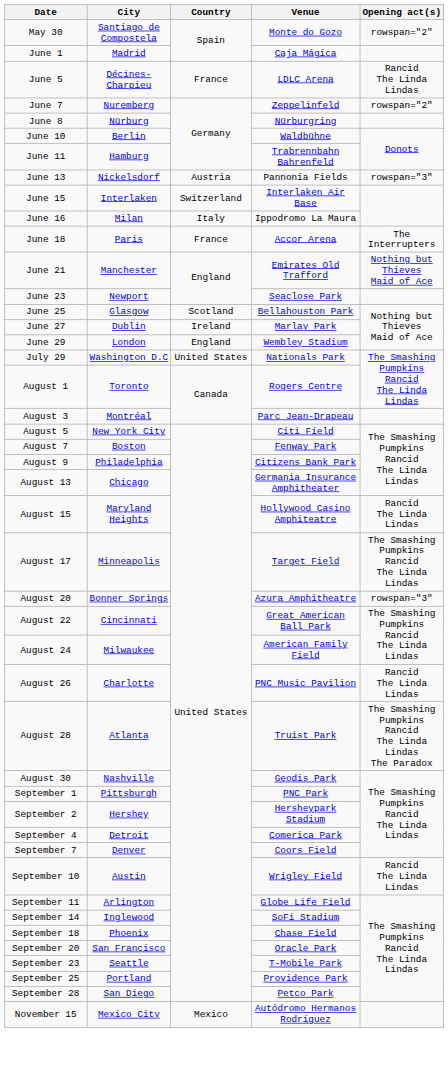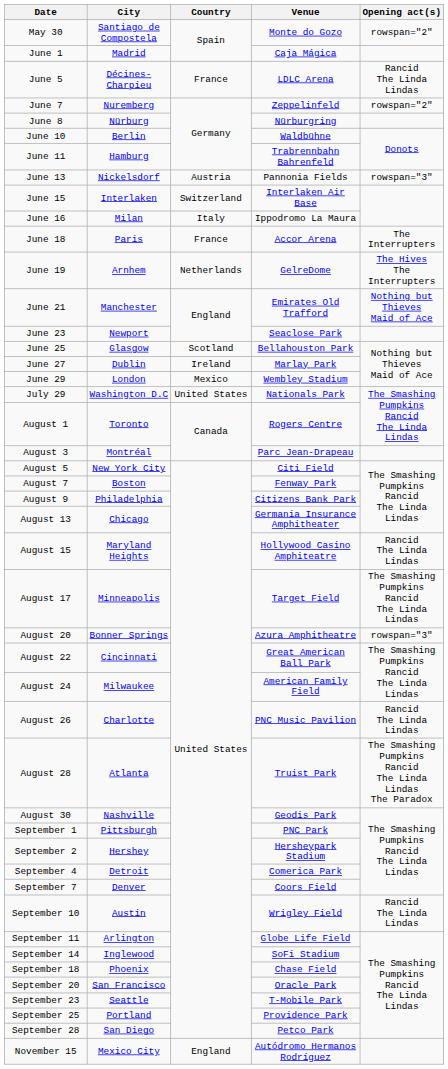 <table class="wikitable" style="text-align:center;">
 <tr>
 <th scope="col" style="width:12em;">Date</th>
 <th scope="col" style="width:10em;">City</th>
 <th scope="col" style="width:10em;">Country</th>
 <th scope="col" style="width:16em;">Venue</th>
 <th scope="col" style="width:10em;">Opening act(s)</th>
 </tr>
 <tr>
 <td>May 30</td>
 <td><a href='#'>Santiago de Compostela</a></td>
 <td rowspan="2">Spain</td>
 <td><a href='#'>Monte do Gozo</a></td>
 <td>rowspan="2" </td>
 </tr>
 <tr>
 <td>June 1</td>
 <td><a href='#'>Madrid</a></td>
 <td><a href='#'>Caja Mágica</a></td>
 </tr>
 <tr>
 <td>June 5</td>
 <td><a href='#'>Décines-Charpieu</a></td>
 <td>France</td>
 <td><a href='#'>LDLC Arena</a></td>
 <td>Rancid<br>The Linda Lindas</td>
 </tr>
 <tr>
 <td>June 7</td>
 <td><a href='#'>Nuremberg</a></td>
 <td rowspan="4">Germany</td>
 <td><a href='#'>Zeppelinfeld</a></td>
 <td>rowspan="2" </td>
 </tr>
 <tr>
 <td>June 8</td>
 <td><a href='#'>Nürburg</a></td>
 <td><a href='#'>Nürburgring</a></td>
 </tr>
 <tr>
 <td>June 10</td>
 <td><a href='#'>Berlin</a></td>
 <td><a href='#'>Waldbühne</a></td>
 <td rowspan="2"><a href='#'>Donots</a></td>
 </tr>
 <tr>
 <td>June 11</td>
 <td><a href='#'>Hamburg</a></td>
 <td><a href='#'>Trabrennbahn Bahrenfeld</a></td>
 </tr>
 <tr>
 <td>June 13</td>
 <td><a href='#'>Nickelsdorf</a></td>
 <td>Austria</td>
 <td>Pannonia Fields</td>
 <td>rowspan="3" </td>
 </tr>
 <tr>
 <td>June 15</td>
 <td><a href='#'>Interlaken</a></td>
 <td>Switzerland</td>
 <td><a href='#'>Interlaken Air Base</a></td>
 </tr>
 <tr>
 <td>June 16</td>
 <td><a href='#'>Milan</a></td>
 <td>Italy</td>
 <td>Ippodromo La Maura</td>
 </tr>
 <tr>
 <td>June 18</td>
 <td><a href='#'>Paris</a></td>
 <td>France</td>
 <td><a href='#'>Accor Arena</a></td>
 <td>The Interrupters</td>
 </tr>
 <tr>
+<td>June 19</td>
+<td><a href='#'>Arnhem</a></td>
+<td>Netherlands</td>
+<td><a href='#'>GelreDome</a></td>
+<td><a href='#'>The Hives</a><br>The Interrupters</td>
+</tr>
+<tr>
 <td>June 21</td>
 <td><a href='#'>Manchester</a></td>
 <td rowspan="2">England</td>
 <td><a href='#'>Emirates Old Trafford</a></td>
 <td><a href='#'>Nothing but Thieves</a><br><a href='#'>Maid of Ace</a></td>
 </tr>
 <tr>
 <td>June 23</td>
 <td><a href='#'>Newport</a></td>
 <td><a href='#'>Seaclose Park</a></td>
 <td></td>
 </tr>
 <tr>
 <td>June 25</td>
 <td><a href='#'>Glasgow</a></td>
 <td>Scotland</td>
 <td><a href='#'>Bellahouston Park</a></td>
 <td rowspan="3">Nothing but Thieves<br>Maid of Ace</td>
 </tr>
 <tr>
 <td>June 27</td>
 <td><a href='#'>Dublin</a></td>
 <td>Ireland</td>
 <td><a href='#'>Marlay Park</a></td>
 </tr>
 <tr>
 <td>June 29</td>
 <td><a href='#'>London</a></td>
-<td>England</td>
+<td>Mexico</td>
 <td><a href='#'>Wembley Stadium</a></td>
 </tr>
 <tr>
 <td>July 29</td>
 <td><a href='#'>Washington D.C</a></td>
 <td>United States</td>
 <td><a href='#'>Nationals Park</a></td>
 <td rowspan="2"><a href='#'>The Smashing Pumpkins</a><br><a href='#'>Rancid</a><br><a href='#'>The Linda Lindas</a></td>
 </tr>
 <tr>
 <td>August 1</td>
 <td><a href='#'>Toronto</a></td>
 <td rowspan="2">Canada</td>
 <td><a href='#'>Rogers Centre</a></td>
 </tr>
 <tr>
 <td>August 3</td>
 <td><a href='#'>Montréal</a></td>
 <td><a href='#'>Parc Jean-Drapeau</a></td>
 <td></td>
 </tr>
 <tr>
 <td>August 5</td>
 <td><a href='#'>New York City</a></td>
 <td rowspan="24">United States</td>
 <td><a href='#'>Citi Field</a></td>
 <td rowspan="4">The Smashing Pumpkins<br>Rancid<br>The Linda Lindas</td>
 </tr>
 <tr>
 <td>August 7</td>
 <td><a href='#'>Boston</a></td>
 <td><a href='#'>Fenway Park</a></td>
 </tr>
 <tr>
 <td>August 9</td>
 <td><a href='#'>Philadelphia</a></td>
 <td><a href='#'>Citizens Bank Park</a></td>
 </tr>
 <tr>
 <td>August 13</td>
 <td><a href='#'>Chicago</a></td>
 <td><a href='#'>Germania Insurance Amphitheater</a></td>
 </tr>
 <tr>
 <td>August 15</td>
 <td><a href='#'>Maryland Heights</a></td>
 <td><a href='#'>Hollywood Casino Amphiteatre</a></td>
 <td>Rancid<br>The Linda Lindas</td>
 </tr>
 <tr>
 <td>August 17</td>
 <td><a href='#'>Minneapolis</a></td>
 <td><a href='#'>Target Field</a></td>
 <td>The Smashing Pumpkins<br>Rancid<br>The Linda Lindas</td>
 </tr>
 <tr>
 <td>August 20</td>
 <td><a href='#'>Bonner Springs</a></td>
 <td><a href='#'>Azura Amphitheatre</a></td>
 <td>rowspan="3" </td>
 </tr>
 <tr>
 <td>August 22</td>
 <td><a href='#'>Cincinnati</a></td>
 <td><a href='#'>Great American Ball Park</a></td>
 <td rowspan="2">The Smashing Pumpkins<br>Rancid<br>The Linda Lindas</td>
 </tr>
 <tr>
 <td>August 24</td>
 <td><a href='#'>Milwaukee</a></td>
 <td><a href='#'>American Family Field</a></td>
 </tr>
 <tr>
 <td>August 26</td>
 <td><a href='#'>Charlotte</a></td>
 <td><a href='#'>PNC Music Pavilion</a></td>
 <td>Rancid<br>The Linda Lindas</td>
 </tr>
 <tr>
 <td>August 28</td>
 <td><a href='#'>Atlanta</a></td>
 <td><a href='#'>Truist Park</a></td>
 <td>The Smashing Pumpkins<br>Rancid<br>The Linda Lindas<br>The Paradox</td>
 </tr>
 <tr>
 <td>August 30</td>
 <td><a href='#'>Nashville</a></td>
 <td><a href='#'>Geodis Park</a></td>
 <td rowspan="5">The Smashing Pumpkins<br>Rancid<br>The Linda Lindas</td>
 </tr>
 <tr>
 <td>September 1</td>
 <td><a href='#'>Pittsburgh</a></td>
 <td><a href='#'>PNC Park</a></td>
 </tr>
 <tr>
 <td>September 2</td>
 <td><a href='#'>Hershey</a></td>
 <td><a href='#'>Hersheypark Stadium</a></td>
 </tr>
 <tr>
 <td>September 4</td>
 <td><a href='#'>Detroit</a></td>
 <td><a href='#'>Comerica Park</a></td>
 </tr>
 <tr>
 <td>September 7</td>
 <td><a href='#'>Denver</a></td>
 <td><a href='#'>Coors Field</a></td>
 </tr>
 <tr>
 <td>September 10</td>
 <td><a href='#'>Austin</a></td>
 <td><a href='#'>Wrigley Field</a></td>
 <td>Rancid<br>The Linda Lindas</td>
 </tr>
 <tr>
 <td>September 11</td>
 <td><a href='#'>Arlington</a></td>
 <td><a href='#'>Globe Life Field</a></td>
 <td rowspan="7">The Smashing Pumpkins<br>Rancid<br>The Linda Lindas</td>
 </tr>
 <tr>
 <td>September 14</td>
 <td><a href='#'>Inglewood</a></td>
 <td><a href='#'>SoFi Stadium</a></td>
 </tr>
 <tr>
 <td>September 18</td>
 <td><a href='#'>Phoenix</a></td>
 <td><a href='#'>Chase Field</a></td>
 </tr>
 <tr>
 <td>September 20</td>
 <td><a href='#'>San Francisco</a></td>
 <td><a href='#'>Oracle Park</a></td>
 </tr>
 <tr>
 <td>September 23</td>
 <td><a href='#'>Seattle</a></td>
 <td><a href='#'>T-Mobile Park</a></td>
 </tr>
 <tr>
 <td>September 25</td>
 <td><a href='#'>Portland</a></td>
 <td><a href='#'>Providence Park</a></td>
 </tr>
 <tr>
 <td>September 28</td>
 <td><a href='#'>San Diego</a></td>
 <td><a href='#'>Petco Park</a></td>
 </tr>
 <tr>
 <td>November 15</td>
 <td><a href='#'>Mexico City</a></td>
-<td>Mexico</td>
+<td>England</td>
 <td><a href='#'>Autódromo Hermanos Rodríguez</a></td>
 <td></td>
 </tr>
 </table>
